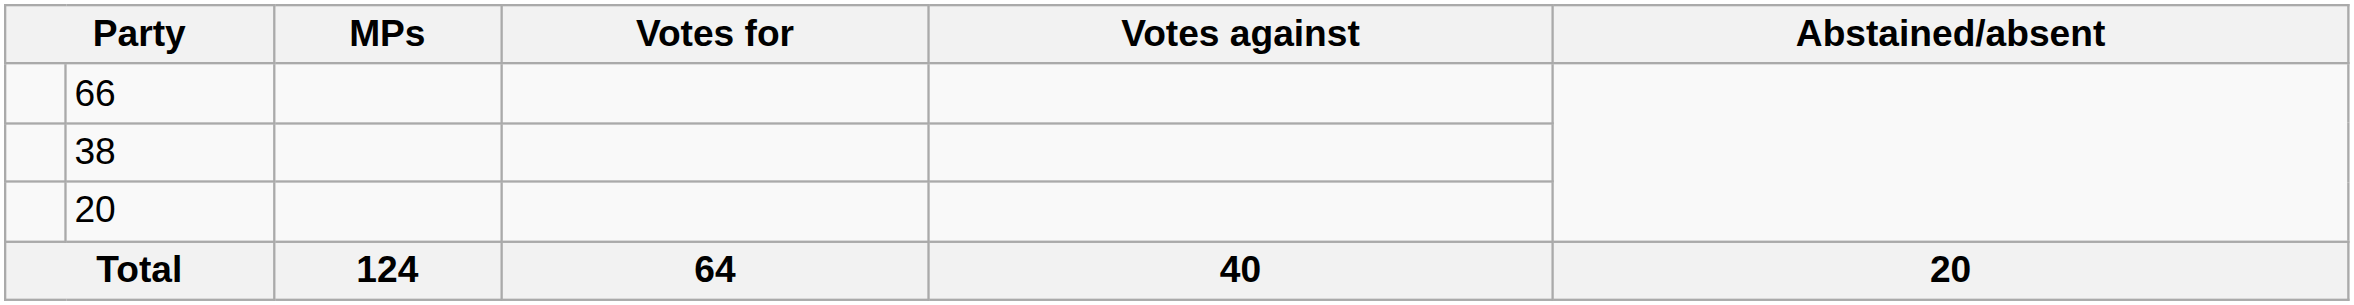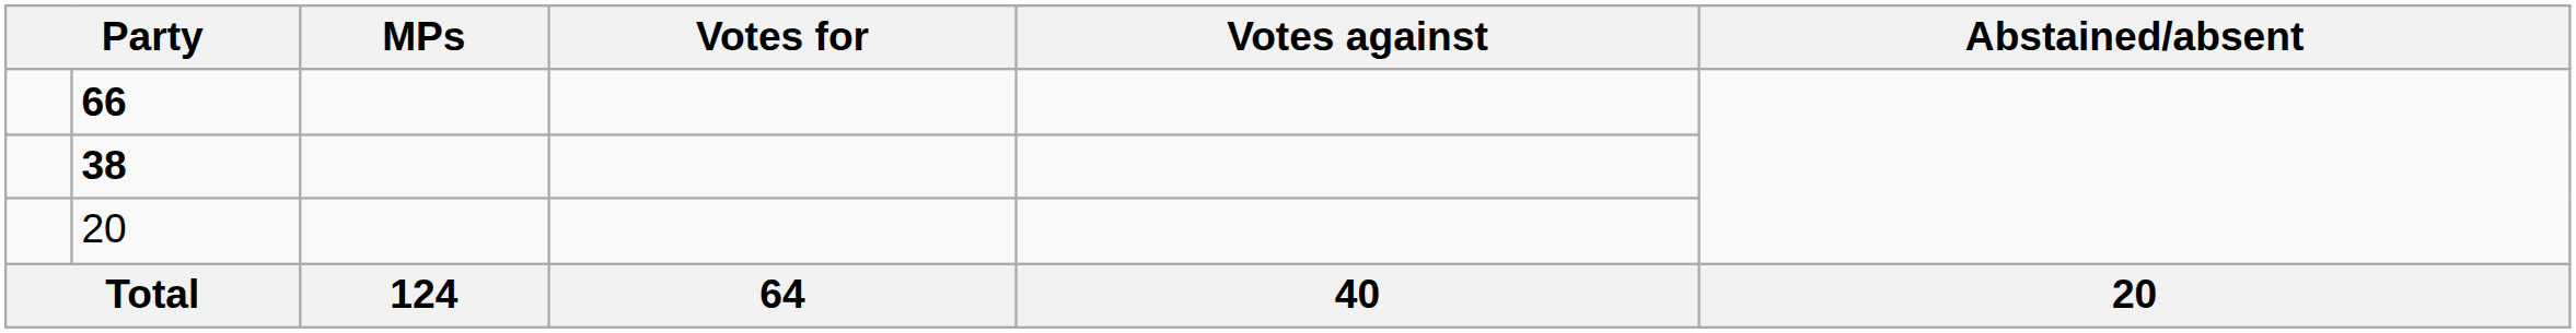 <table class="wikitable" style="width:80%">
 <tr>
 <th colspan="2">Party</th>
 <th>MPs</th>
 <th>Votes for</th>
 <th>Votes against</th>
 <th>Abstained/absent</th>
 </tr>
 <tr>
 <td></td>
-<td>66</td>
+<td><strong>66</strong></td>
 <td></td>
 <td></td>
 <td></td>
 </tr>
 <tr>
 <td></td>
-<td>38</td>
+<td><strong>38</strong></td>
 <td></td>
 <td></td>
 <td></td>
 </tr>
 <tr>
 <td></td>
 <td>20</td>
 <td></td>
 <td></td>
 <td></td>
 </tr>
 <tr>
 <th colspan=2>Total</th>
 <th>124</th>
 <th>64</th>
 <th>40</th>
 <th>20</th>
 </tr>
 </table>
